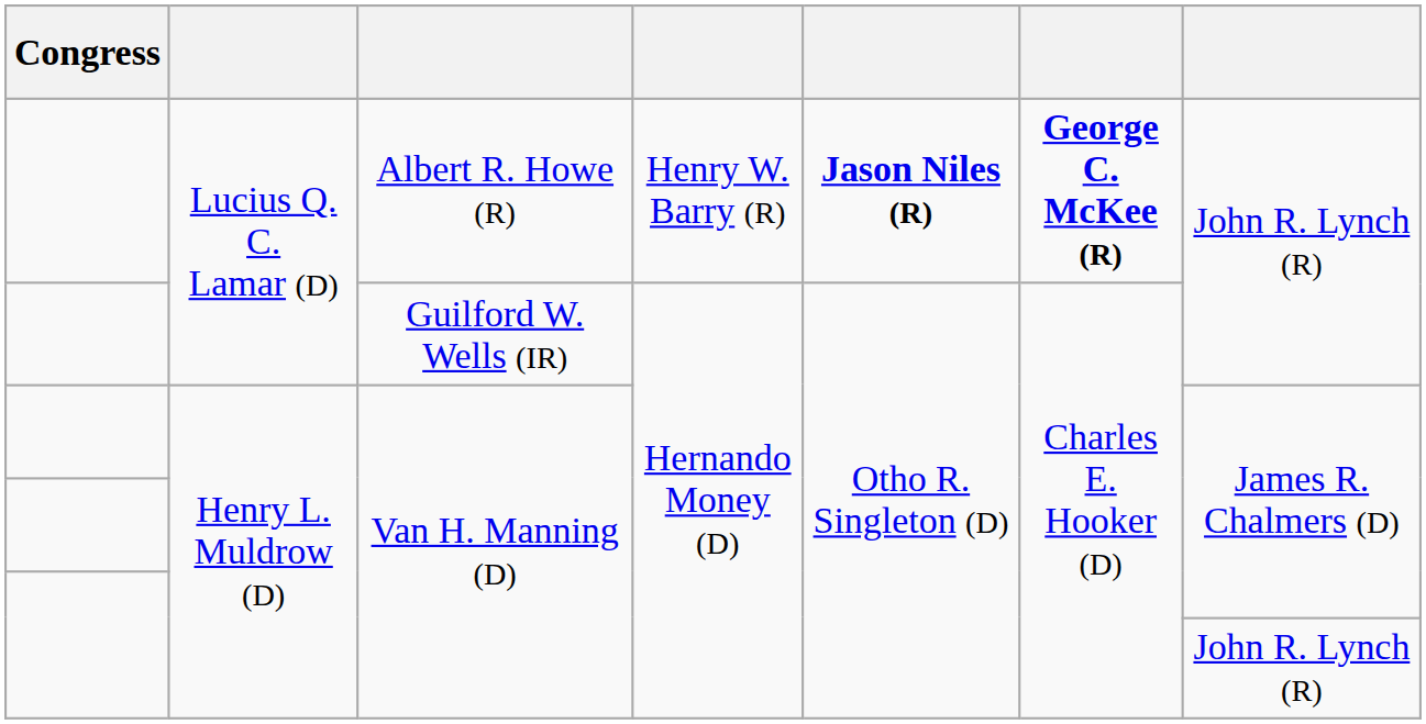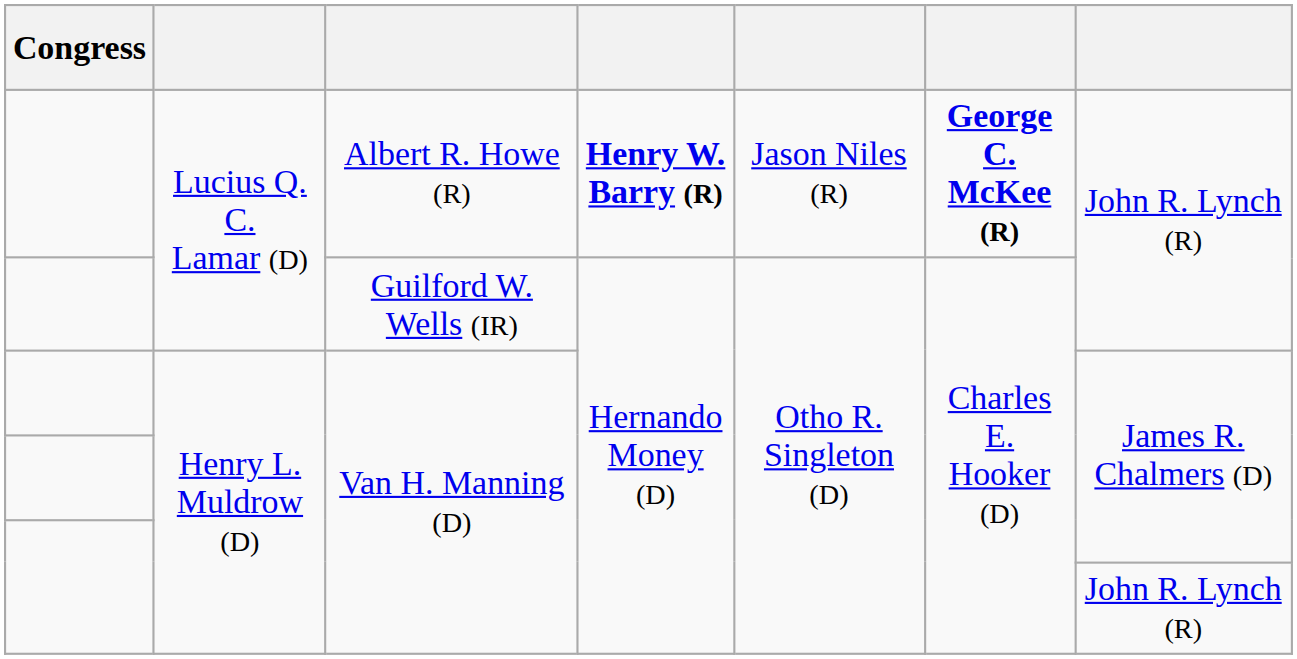 <table class=wikitable style=text-align:center>
 <tr style="height:2.5em">
 <th>Congress</th>
 <th></th>
 <th></th>
 <th></th>
 <th></th>
 <th></th>
 <th></th>
 </tr>
 <tr style="height:2.5em">
 <td><strong></strong> </td>
 <td rowspan=2 ><a href='#'>Lucius Q. C.<br>Lamar</a> <small>(D)</small></td>
 <td><a href='#'>Albert R. Howe</a> <small>(R)</small></td>
-<td><a href='#'>Henry W.<br>Barry</a> <small>(R)</small></td>
-<td><strong><a href='#'>Jason Niles</a> <small>(R)</small></strong></td>
+<td><strong><a href='#'>Henry W.<br>Barry</a> <small>(R)</small></strong></td>
+<td><a href='#'>Jason Niles</a> <small>(R)</small></td>
 <td><strong><a href='#'>George C.<br>McKee</a> <small>(R)</small></strong></td>
 <td rowspan=2 ><a href='#'>John R. Lynch</a> <small>(R)</small></td>
 </tr>
 <tr style="height:2.5em">
 <td><strong></strong> </td>
 <td><a href='#'>Guilford W. Wells</a> <small>(IR)</small></td>
 <td rowspan=5 ><a href='#'>Hernando<br>Money</a> <small>(D)</small></td>
 <td rowspan=5 ><a href='#'>Otho R.<br>Singleton</a> <small>(D)</small></td>
 <td rowspan=5 ><a href='#'>Charles E.<br>Hooker</a> <small>(D)</small></td>
 </tr>
 <tr style="height:2.5em">
 <td><strong></strong> </td>
 <td rowspan=4 ><a href='#'>Henry L.<br>Muldrow</a> <small>(D)</small></td>
 <td rowspan=4 ><a href='#'>Van H. Manning</a> <small>(D)</small></td>
 <td rowspan=3 ><a href='#'>James R.<br>Chalmers</a> <small>(D)</small></td>
 </tr>
 <tr style="height:2.5em">
 <td><strong></strong> </td>
 </tr>
 <tr style="height:1.25em">
 <td rowspan=2><strong></strong> </td>
 </tr>
 <tr style="height:2em">
 <td><a href='#'>John R. Lynch</a> <small>(R)</small></td>
 </tr>
 </table>
